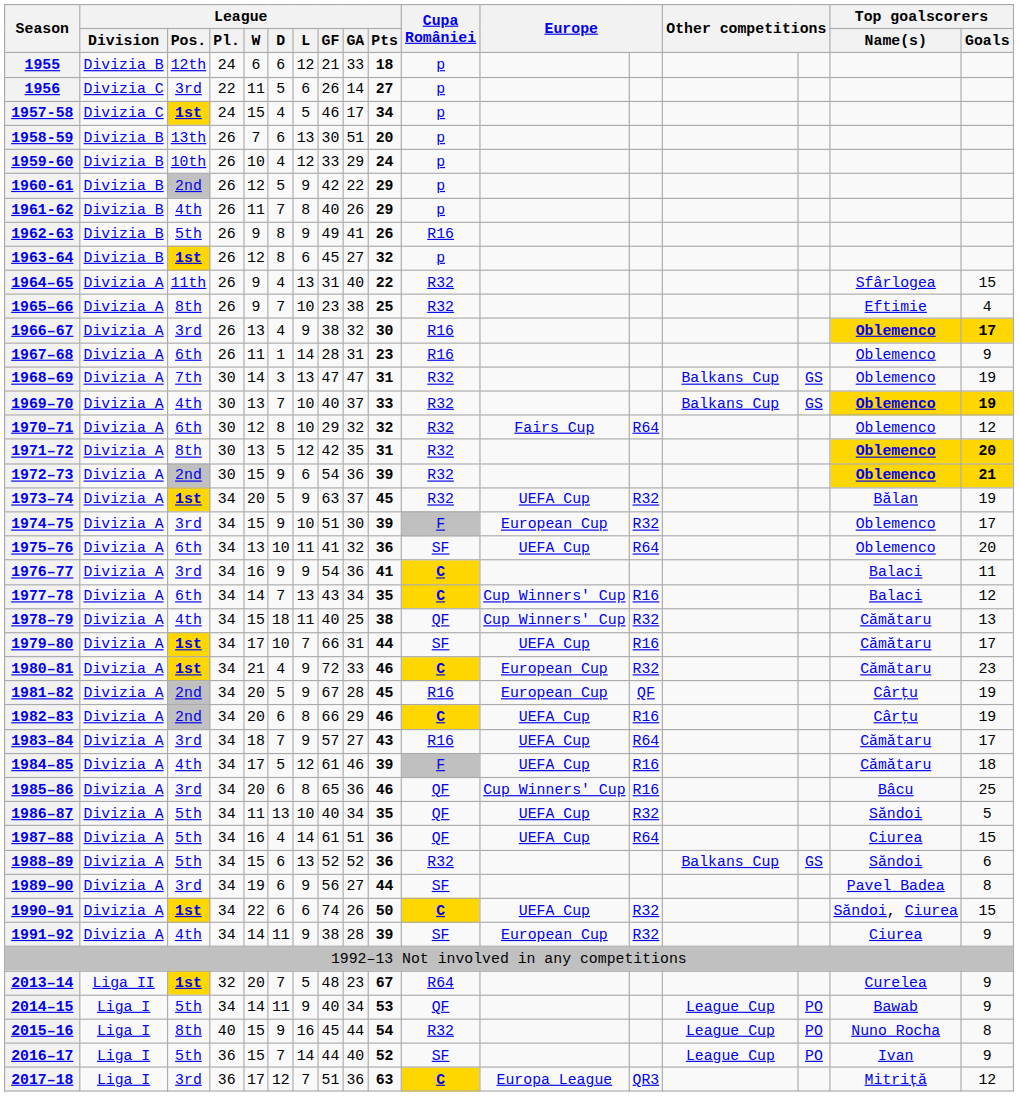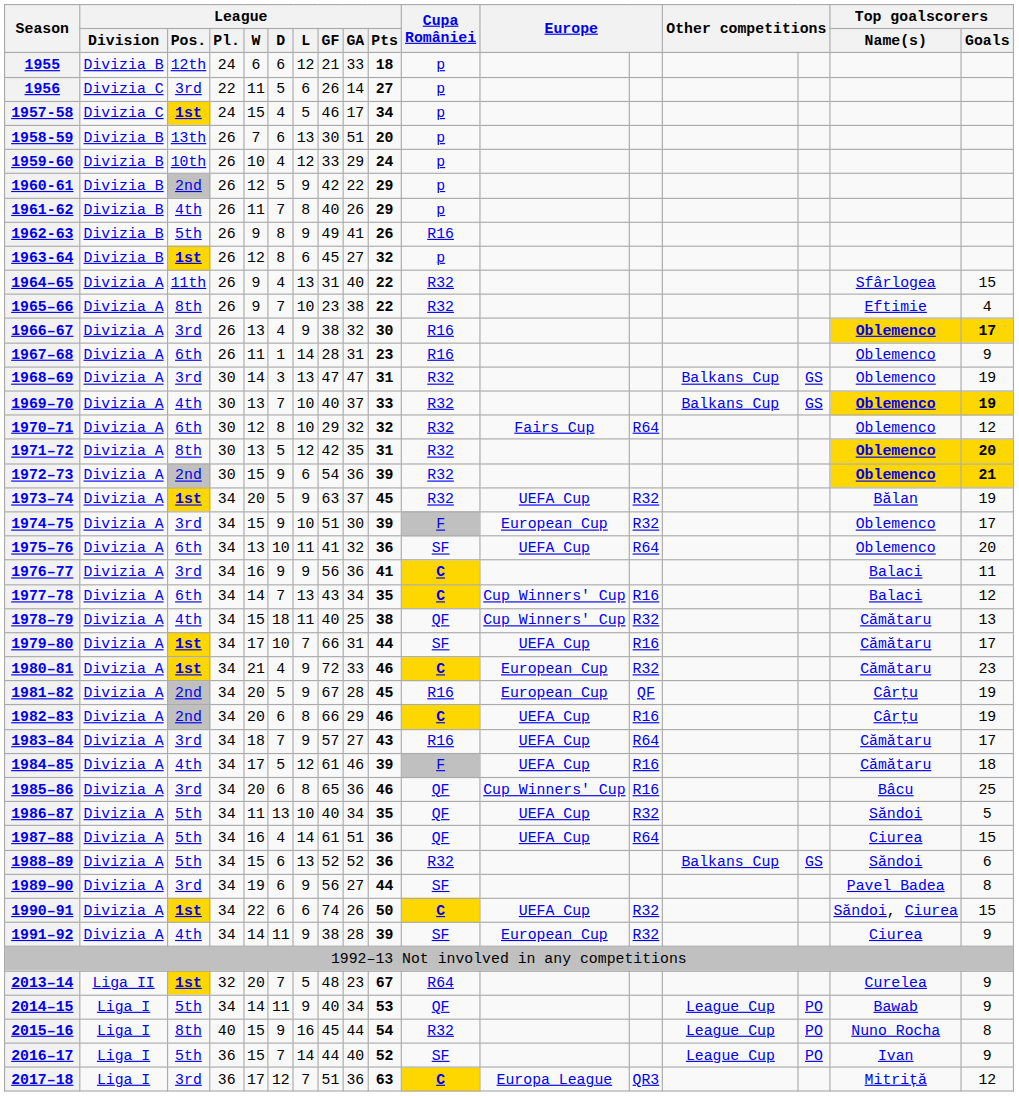 <table class="wikitable" style="text-align:center">
 <tr>
 <th rowspan="2" width=60px>Season</th>
 <th colspan="9">League </th>
 <th rowspan="2"><a href='#'>Cupa<br>României</a></th>
 <th rowspan="2" colspan="2"><a href='#'>Europe</a></th>
 <th rowspan="2" colspan="2">Other competitions </th>
 <th colspan="2">Top goalscorers</th>
 </tr>
 <tr>
 <th>Division</th>
 <th>Pos.</th>
 <th>Pl.</th>
 <th>W</th>
 <th>D</th>
 <th>L</th>
 <th>GF</th>
 <th>GA</th>
 <th>Pts</th>
 <th>Name(s)</th>
 <th>Goals</th>
 </tr>
 <tr>
 <th><a href='#'>1955</a></th>
 <td><a href='#'>Divizia B</a></td>
 <td><a href='#'>12th</a></td>
 <td>24</td>
 <td>6</td>
 <td>6</td>
 <td>12</td>
 <td>21</td>
 <td>33</td>
 <td><strong>18</strong></td>
 <td><a href='#'>p</a></td>
 <td></td>
 <td></td>
 <td></td>
 <td></td>
 <td></td>
 <td></td>
 </tr>
 <tr>
 <th><a href='#'>1956</a></th>
 <td><a href='#'>Divizia C</a></td>
 <td><a href='#'>3rd</a></td>
 <td>22</td>
 <td>11</td>
 <td>5</td>
 <td>6</td>
 <td>26</td>
 <td>14</td>
 <td><strong>27</strong></td>
 <td><a href='#'>p</a></td>
 <td></td>
 <td></td>
 <td></td>
 <td></td>
 <td></td>
 <td></td>
 </tr>
 <tr>
 <th><a href='#'>1957-58</a></th>
 <td><a href='#'>Divizia C</a></td>
 <td bgcolor="gold"><strong><a href='#'>1st</a></strong></td>
 <td>24</td>
 <td>15</td>
 <td>4</td>
 <td>5</td>
 <td>46</td>
 <td>17</td>
 <td><strong>34</strong></td>
 <td><a href='#'>p</a></td>
 <td></td>
 <td></td>
 <td></td>
 <td></td>
 <td></td>
 <td></td>
 </tr>
 <tr>
 <th><a href='#'>1958-59</a></th>
 <td><a href='#'>Divizia B</a></td>
 <td><a href='#'>13th</a></td>
 <td>26</td>
 <td>7</td>
 <td>6</td>
 <td>13</td>
 <td>30</td>
 <td>51</td>
 <td><strong>20</strong></td>
 <td><a href='#'>p</a></td>
 <td></td>
 <td></td>
 <td></td>
 <td></td>
 <td></td>
 <td></td>
 </tr>
 <tr>
 <th><a href='#'>1959-60</a></th>
 <td><a href='#'>Divizia B</a></td>
 <td><a href='#'>10th</a></td>
 <td>26</td>
 <td>10</td>
 <td>4</td>
 <td>12</td>
 <td>33</td>
 <td>29</td>
 <td><strong>24</strong></td>
 <td><a href='#'>p</a></td>
 <td></td>
 <td></td>
 <td></td>
 <td></td>
 <td></td>
 <td></td>
 </tr>
 <tr>
 <th><a href='#'>1960-61</a></th>
 <td><a href='#'>Divizia B</a></td>
 <td bgcolor="silver"><a href='#'>2nd</a></td>
 <td>26</td>
 <td>12</td>
 <td>5</td>
 <td>9</td>
 <td>42</td>
 <td>22</td>
 <td><strong>29</strong></td>
 <td><a href='#'>p</a></td>
 <td></td>
 <td></td>
 <td></td>
 <td></td>
 <td></td>
 <td></td>
 </tr>
 <tr>
 <th><a href='#'>1961-62</a></th>
 <td><a href='#'>Divizia B</a></td>
 <td><a href='#'>4th</a></td>
 <td>26</td>
 <td>11</td>
 <td>7</td>
 <td>8</td>
 <td>40</td>
 <td>26</td>
 <td><strong>29</strong></td>
 <td><a href='#'>p</a></td>
 <td></td>
 <td></td>
 <td></td>
 <td></td>
 <td></td>
 <td></td>
 </tr>
 <tr>
 <th><a href='#'>1962-63</a></th>
 <td><a href='#'>Divizia B</a></td>
 <td><a href='#'>5th</a></td>
 <td>26</td>
 <td>9</td>
 <td>8</td>
 <td>9</td>
 <td>49</td>
 <td>41</td>
 <td><strong>26</strong></td>
 <td><a href='#'>R16</a></td>
 <td></td>
 <td></td>
 <td></td>
 <td></td>
 <td></td>
 <td></td>
 </tr>
 <tr>
 <th><a href='#'>1963-64</a></th>
 <td><a href='#'>Divizia B</a></td>
 <td bgcolor="gold"><strong><a href='#'>1st</a></strong></td>
 <td>26</td>
 <td>12</td>
 <td>8</td>
 <td>6</td>
 <td>45</td>
 <td>27</td>
 <td><strong>32</strong></td>
 <td><a href='#'>p</a></td>
 <td></td>
 <td></td>
 <td></td>
 <td></td>
 <td></td>
 <td></td>
 </tr>
 <tr>
 <th><a href='#'>1964–65</a></th>
 <td><a href='#'>Divizia A</a></td>
 <td><a href='#'>11th</a></td>
 <td>26</td>
 <td>9</td>
 <td>4</td>
 <td>13</td>
 <td>31</td>
 <td>40</td>
 <td><strong>22</strong></td>
 <td><a href='#'>R32</a></td>
 <td></td>
 <td></td>
 <td></td>
 <td></td>
 <td><a href='#'>Sfârlogea</a></td>
 <td>15</td>
 </tr>
 <tr>
 <th><a href='#'>1965–66</a></th>
 <td><a href='#'>Divizia A</a></td>
 <td><a href='#'>8th</a></td>
 <td>26</td>
 <td>9</td>
 <td>7</td>
 <td>10</td>
 <td>23</td>
 <td>38</td>
-<td><strong>25</strong></td>
+<td><strong>22</strong></td>
 <td><a href='#'>R32</a></td>
 <td></td>
 <td></td>
 <td></td>
 <td></td>
 <td><a href='#'>Eftimie</a></td>
 <td>4</td>
 </tr>
 <tr>
 <th><a href='#'>1966–67</a></th>
 <td><a href='#'>Divizia A</a></td>
 <td><a href='#'>3rd</a></td>
 <td>26</td>
 <td>13</td>
 <td>4</td>
 <td>9</td>
 <td>38</td>
 <td>32</td>
 <td><strong>30</strong></td>
 <td><a href='#'>R16</a></td>
 <td></td>
 <td></td>
 <td></td>
 <td></td>
 <td style="background:gold;"><strong><a href='#'>Oblemenco</a></strong></td>
 <td style="background:gold;"><strong>17</strong></td>
 </tr>
 <tr>
 <th><a href='#'>1967–68</a></th>
 <td><a href='#'>Divizia A</a></td>
 <td><a href='#'>6th</a></td>
 <td>26</td>
 <td>11</td>
 <td>1</td>
 <td>14</td>
 <td>28</td>
 <td>31</td>
 <td><strong>23</strong></td>
 <td><a href='#'>R16</a></td>
 <td></td>
 <td></td>
 <td></td>
 <td></td>
 <td><a href='#'>Oblemenco</a></td>
 <td>9</td>
 </tr>
 <tr>
 <th><a href='#'>1968–69</a></th>
 <td><a href='#'>Divizia A</a></td>
-<td><a href='#'>7th</a></td>
+<td><a href='#'>3rd</a></td>
 <td>30</td>
 <td>14</td>
 <td>3</td>
 <td>13</td>
 <td>47</td>
 <td>47</td>
 <td><strong>31</strong></td>
 <td><a href='#'>R32</a></td>
 <td></td>
 <td></td>
 <td><a href='#'>Balkans Cup</a></td>
 <td><a href='#'>GS</a></td>
 <td><a href='#'>Oblemenco</a></td>
 <td>19</td>
 </tr>
 <tr>
 <th><a href='#'>1969–70</a></th>
 <td><a href='#'>Divizia A</a></td>
 <td><a href='#'>4th</a></td>
 <td>30</td>
 <td>13</td>
 <td>7</td>
 <td>10</td>
 <td>40</td>
 <td>37</td>
 <td><strong>33</strong></td>
 <td><a href='#'>R32</a></td>
 <td></td>
 <td></td>
 <td><a href='#'>Balkans Cup</a></td>
 <td><a href='#'>GS</a></td>
 <td style="background:gold;"><strong><a href='#'>Oblemenco</a></strong></td>
 <td style="background:gold;"><strong>19</strong></td>
 </tr>
 <tr>
 <th><a href='#'>1970–71</a></th>
 <td><a href='#'>Divizia A</a></td>
 <td><a href='#'>6th</a></td>
 <td>30</td>
 <td>12</td>
 <td>8</td>
 <td>10</td>
 <td>29</td>
 <td>32</td>
 <td><strong>32</strong></td>
 <td><a href='#'>R32</a></td>
 <td><a href='#'>Fairs Cup</a></td>
 <td><a href='#'>R64</a></td>
 <td></td>
 <td></td>
 <td><a href='#'>Oblemenco</a></td>
 <td>12</td>
 </tr>
 <tr>
 <th><a href='#'>1971–72</a></th>
 <td><a href='#'>Divizia A</a></td>
 <td><a href='#'>8th</a></td>
 <td>30</td>
 <td>13</td>
 <td>5</td>
 <td>12</td>
 <td>42</td>
 <td>35</td>
 <td><strong>31</strong></td>
 <td><a href='#'>R32</a></td>
 <td></td>
 <td></td>
 <td></td>
 <td></td>
 <td style="background:gold;"><strong><a href='#'>Oblemenco</a></strong></td>
 <td style="background:gold;"><strong>20</strong></td>
 </tr>
 <tr>
 <th><a href='#'>1972–73</a></th>
 <td><a href='#'>Divizia A</a></td>
 <td bgcolor="silver"><a href='#'>2nd</a></td>
 <td>30</td>
 <td>15</td>
 <td>9</td>
 <td>6</td>
 <td>54</td>
 <td>36</td>
 <td><strong>39</strong></td>
 <td><a href='#'>R32</a></td>
 <td></td>
 <td></td>
 <td></td>
 <td></td>
 <td style="background:gold;"><strong><a href='#'>Oblemenco</a></strong></td>
 <td style="background:gold;"><strong>21</strong></td>
 </tr>
 <tr>
 <th><a href='#'>1973–74</a></th>
 <td><a href='#'>Divizia A</a></td>
 <td bgcolor="gold"><strong><a href='#'>1st</a></strong></td>
 <td>34</td>
 <td>20</td>
 <td>5</td>
 <td>9</td>
 <td>63</td>
 <td>37</td>
 <td><strong>45</strong></td>
 <td><a href='#'>R32</a></td>
 <td><a href='#'>UEFA Cup</a></td>
 <td><a href='#'>R32</a></td>
 <td></td>
 <td></td>
 <td><a href='#'>Bălan</a></td>
 <td>19</td>
 </tr>
 <tr>
 <th><a href='#'>1974–75</a></th>
 <td><a href='#'>Divizia A</a></td>
 <td><a href='#'>3rd</a></td>
 <td>34</td>
 <td>15</td>
 <td>9</td>
 <td>10</td>
 <td>51</td>
 <td>30</td>
 <td><strong>39</strong></td>
 <td bgcolor="silver"><a href='#'>F</a></td>
 <td><a href='#'>European Cup</a></td>
 <td><a href='#'>R32</a></td>
 <td></td>
 <td></td>
 <td><a href='#'>Oblemenco</a></td>
 <td>17</td>
 </tr>
 <tr>
 <th><a href='#'>1975–76</a></th>
 <td><a href='#'>Divizia A</a></td>
 <td><a href='#'>6th</a></td>
 <td>34</td>
 <td>13</td>
 <td>10</td>
 <td>11</td>
 <td>41</td>
 <td>32</td>
 <td><strong>36</strong></td>
 <td><a href='#'>SF</a></td>
 <td><a href='#'>UEFA Cup</a></td>
 <td><a href='#'>R64</a></td>
 <td></td>
 <td></td>
 <td><a href='#'>Oblemenco</a></td>
 <td>20</td>
 </tr>
 <tr>
 <th><a href='#'>1976–77</a></th>
 <td><a href='#'>Divizia A</a></td>
 <td><a href='#'>3rd</a></td>
 <td>34</td>
 <td>16</td>
 <td>9</td>
 <td>9</td>
-<td>54</td>
+<td>56</td>
 <td>36</td>
 <td><strong>41</strong></td>
 <td bgcolor="gold"><strong><a href='#'>C</a></strong></td>
 <td></td>
 <td></td>
 <td></td>
 <td></td>
 <td><a href='#'>Balaci</a></td>
 <td>11</td>
 </tr>
 <tr>
 <th><a href='#'>1977–78</a></th>
 <td><a href='#'>Divizia A</a></td>
 <td><a href='#'>6th</a></td>
 <td>34</td>
 <td>14</td>
 <td>7</td>
 <td>13</td>
 <td>43</td>
 <td>34</td>
 <td><strong>35</strong></td>
 <td bgcolor="gold"><strong><a href='#'>C</a></strong></td>
 <td><a href='#'>Cup Winners' Cup</a></td>
 <td><a href='#'>R16</a></td>
 <td></td>
 <td></td>
 <td><a href='#'>Balaci</a></td>
 <td>12</td>
 </tr>
 <tr>
 <th><a href='#'>1978–79</a></th>
 <td><a href='#'>Divizia A</a></td>
 <td><a href='#'>4th</a></td>
 <td>34</td>
 <td>15</td>
 <td>18</td>
 <td>11</td>
 <td>40</td>
 <td>25</td>
 <td><strong>38</strong></td>
 <td><a href='#'>QF</a></td>
 <td><a href='#'>Cup Winners' Cup</a></td>
 <td><a href='#'>R32</a></td>
 <td></td>
 <td></td>
 <td><a href='#'>Cămătaru</a></td>
 <td>13</td>
 </tr>
 <tr>
 <th><a href='#'>1979–80</a></th>
 <td><a href='#'>Divizia A</a></td>
 <td bgcolor="gold"><strong><a href='#'>1st</a></strong></td>
 <td>34</td>
 <td>17</td>
 <td>10</td>
 <td>7</td>
 <td>66</td>
 <td>31</td>
 <td><strong>44</strong></td>
 <td><a href='#'>SF</a></td>
 <td><a href='#'>UEFA Cup</a></td>
 <td><a href='#'>R16</a></td>
 <td></td>
 <td></td>
 <td><a href='#'>Cămătaru</a></td>
 <td>17</td>
 </tr>
 <tr>
 <th><a href='#'>1980–81</a></th>
 <td><a href='#'>Divizia A</a></td>
 <td bgcolor="gold"><strong><a href='#'>1st</a></strong></td>
 <td>34</td>
 <td>21</td>
 <td>4</td>
 <td>9</td>
 <td>72</td>
 <td>33</td>
 <td><strong>46</strong></td>
 <td bgcolor="gold"><strong><a href='#'>C</a></strong></td>
 <td><a href='#'>European Cup</a></td>
 <td><a href='#'>R32</a></td>
 <td></td>
 <td></td>
 <td><a href='#'>Cămătaru</a></td>
 <td>23</td>
 </tr>
 <tr>
 <th><a href='#'>1981–82</a></th>
 <td><a href='#'>Divizia A</a></td>
 <td bgcolor="silver"><a href='#'>2nd</a></td>
 <td>34</td>
 <td>20</td>
 <td>5</td>
 <td>9</td>
 <td>67</td>
 <td>28</td>
 <td><strong>45</strong></td>
 <td><a href='#'>R16</a></td>
 <td><a href='#'>European Cup</a></td>
 <td><a href='#'>QF</a></td>
 <td></td>
 <td></td>
 <td><a href='#'>Cârţu</a></td>
 <td>19</td>
 </tr>
 <tr>
 <th><a href='#'>1982–83</a></th>
 <td><a href='#'>Divizia A</a></td>
 <td bgcolor="silver"><a href='#'>2nd</a></td>
 <td>34</td>
 <td>20</td>
 <td>6</td>
 <td>8</td>
 <td>66</td>
 <td>29</td>
 <td><strong>46</strong></td>
 <td bgcolor="gold"><strong><a href='#'>C</a></strong></td>
 <td><a href='#'>UEFA Cup</a></td>
 <td><a href='#'>R16</a></td>
 <td></td>
 <td></td>
 <td><a href='#'>Cârţu</a></td>
 <td>19</td>
 </tr>
 <tr>
 <th><a href='#'>1983–84</a></th>
 <td><a href='#'>Divizia A</a></td>
 <td><a href='#'>3rd</a></td>
 <td>34</td>
 <td>18</td>
 <td>7</td>
 <td>9</td>
 <td>57</td>
 <td>27</td>
 <td><strong>43</strong></td>
 <td><a href='#'>R16</a></td>
 <td><a href='#'>UEFA Cup</a></td>
 <td><a href='#'>R64</a></td>
 <td></td>
 <td></td>
 <td><a href='#'>Cămătaru</a></td>
 <td>17</td>
 </tr>
 <tr>
 <th><a href='#'>1984–85</a></th>
 <td><a href='#'>Divizia A</a></td>
 <td><a href='#'>4th</a></td>
 <td>34</td>
 <td>17</td>
 <td>5</td>
 <td>12</td>
 <td>61</td>
 <td>46</td>
 <td><strong>39</strong></td>
 <td bgcolor="silver"><a href='#'>F</a></td>
 <td><a href='#'>UEFA Cup</a></td>
 <td><a href='#'>R16</a></td>
 <td></td>
 <td></td>
 <td><a href='#'>Cămătaru</a></td>
 <td>18</td>
 </tr>
 <tr>
 <th><a href='#'>1985–86</a></th>
 <td><a href='#'>Divizia A</a></td>
 <td><a href='#'>3rd</a></td>
 <td>34</td>
 <td>20</td>
 <td>6</td>
 <td>8</td>
 <td>65</td>
 <td>36</td>
 <td><strong>46</strong></td>
 <td><a href='#'>QF</a></td>
 <td><a href='#'>Cup Winners' Cup</a></td>
 <td><a href='#'>R16</a></td>
 <td></td>
 <td></td>
 <td><a href='#'>Bâcu</a></td>
 <td>25</td>
 </tr>
 <tr>
 <th><a href='#'>1986–87</a></th>
 <td><a href='#'>Divizia A</a></td>
 <td><a href='#'>5th</a></td>
 <td>34</td>
 <td>11</td>
 <td>13</td>
 <td>10</td>
 <td>40</td>
 <td>34</td>
 <td><strong>35</strong></td>
 <td><a href='#'>QF</a></td>
 <td><a href='#'>UEFA Cup</a></td>
 <td><a href='#'>R32</a></td>
 <td></td>
 <td></td>
 <td><a href='#'>Săndoi</a></td>
 <td>5</td>
 </tr>
 <tr>
 <th><a href='#'>1987–88</a></th>
 <td><a href='#'>Divizia A</a></td>
 <td><a href='#'>5th</a></td>
 <td>34</td>
 <td>16</td>
 <td>4</td>
 <td>14</td>
 <td>61</td>
 <td>51</td>
 <td><strong>36</strong></td>
 <td><a href='#'>QF</a></td>
 <td><a href='#'>UEFA Cup</a></td>
 <td><a href='#'>R64</a></td>
 <td></td>
 <td></td>
 <td><a href='#'>Ciurea</a></td>
 <td>15</td>
 </tr>
 <tr>
 <th><a href='#'>1988–89</a></th>
 <td><a href='#'>Divizia A</a></td>
 <td><a href='#'>5th</a></td>
 <td>34</td>
 <td>15</td>
 <td>6</td>
 <td>13</td>
 <td>52</td>
 <td>52</td>
 <td><strong>36</strong></td>
 <td><a href='#'>R32</a></td>
 <td></td>
 <td></td>
 <td><a href='#'>Balkans Cup</a></td>
 <td><a href='#'>GS</a></td>
 <td><a href='#'>Săndoi</a></td>
 <td>6</td>
 </tr>
 <tr>
 <th><a href='#'>1989–90</a></th>
 <td><a href='#'>Divizia A</a></td>
 <td><a href='#'>3rd</a></td>
 <td>34</td>
 <td>19</td>
 <td>6</td>
 <td>9</td>
 <td>56</td>
 <td>27</td>
 <td><strong>44</strong></td>
 <td><a href='#'>SF</a></td>
 <td></td>
 <td></td>
 <td></td>
 <td></td>
 <td><a href='#'>Pavel Badea</a></td>
 <td>8</td>
 </tr>
 <tr>
 <th><a href='#'>1990–91</a></th>
 <td><a href='#'>Divizia A</a></td>
 <td bgcolor="gold"><strong><a href='#'>1st</a></strong></td>
 <td>34</td>
 <td>22</td>
 <td>6</td>
 <td>6</td>
 <td>74</td>
 <td>26</td>
 <td><strong>50</strong></td>
 <td bgcolor="gold"><strong><a href='#'>C</a></strong></td>
 <td><a href='#'>UEFA Cup</a></td>
 <td><a href='#'>R32</a></td>
 <td></td>
 <td></td>
 <td><a href='#'>Săndoi</a>, <a href='#'>Ciurea</a></td>
 <td>15</td>
 </tr>
 <tr>
 <th><a href='#'>1991–92</a></th>
 <td><a href='#'>Divizia A</a></td>
 <td><a href='#'>4th</a></td>
 <td>34</td>
 <td>14</td>
 <td>11</td>
 <td>9</td>
 <td>38</td>
 <td>28</td>
 <td><strong>39</strong></td>
 <td><a href='#'>SF</a></td>
 <td><a href='#'>European Cup</a></td>
 <td><a href='#'>R32</a></td>
 <td></td>
 <td></td>
 <td><a href='#'>Ciurea</a></td>
 <td>9</td>
 </tr>
 <tr>
 <td colspan="18" style="background:silver;">1992–13 Not involved in any competitions</td>
 </tr>
 <tr>
 <th><a href='#'>2013–14</a></th>
 <td><a href='#'>Liga II</a></td>
 <td bgcolor="gold"><strong><a href='#'>1st</a></strong></td>
 <td>32</td>
 <td>20</td>
 <td>7</td>
 <td>5</td>
 <td>48</td>
 <td>23</td>
 <td><strong>67</strong></td>
 <td><a href='#'>R64</a></td>
 <td></td>
 <td></td>
 <td></td>
 <td></td>
 <td><a href='#'>Curelea</a></td>
 <td>9</td>
 </tr>
 <tr>
 <th><a href='#'>2014–15</a></th>
 <td><a href='#'>Liga I</a></td>
 <td><a href='#'>5th</a></td>
 <td>34</td>
 <td>14</td>
 <td>11</td>
 <td>9</td>
 <td>40</td>
 <td>34</td>
 <td><strong>53</strong></td>
 <td><a href='#'>QF</a></td>
 <td></td>
 <td></td>
 <td><a href='#'>League Cup</a></td>
 <td><a href='#'>PO</a></td>
 <td><a href='#'>Bawab</a></td>
 <td>9</td>
 </tr>
 <tr>
 <th><a href='#'>2015–16</a></th>
 <td><a href='#'>Liga I</a></td>
 <td><a href='#'>8th</a></td>
 <td>40</td>
 <td>15</td>
 <td>9</td>
 <td>16</td>
 <td>45</td>
 <td>44</td>
 <td><strong>54</strong></td>
 <td><a href='#'>R32</a></td>
 <td></td>
 <td></td>
 <td><a href='#'>League Cup</a></td>
 <td><a href='#'>PO</a></td>
 <td><a href='#'>Nuno Rocha</a></td>
 <td>8</td>
 </tr>
 <tr>
 <th><a href='#'>2016–17</a></th>
 <td><a href='#'>Liga I</a></td>
 <td><a href='#'>5th</a></td>
 <td>36</td>
 <td>15</td>
 <td>7</td>
 <td>14</td>
 <td>44</td>
 <td>40</td>
 <td><strong>52</strong></td>
 <td><a href='#'>SF</a></td>
 <td></td>
 <td></td>
 <td><a href='#'>League Cup</a></td>
 <td><a href='#'>PO</a></td>
 <td><a href='#'>Ivan</a></td>
 <td>9</td>
 </tr>
 <tr>
 <th><a href='#'>2017–18</a></th>
 <td><a href='#'>Liga I</a></td>
 <td><a href='#'>3rd</a></td>
 <td>36</td>
 <td>17</td>
 <td>12</td>
 <td>7</td>
 <td>51</td>
 <td>36</td>
 <td><strong>63</strong></td>
 <td bgcolor="gold"><strong><a href='#'>C</a></strong></td>
 <td><a href='#'>Europa League</a></td>
 <td><a href='#'>QR3</a></td>
 <td></td>
 <td></td>
 <td><a href='#'>Mitriță</a></td>
 <td>12</td>
 </tr>
 </table>
